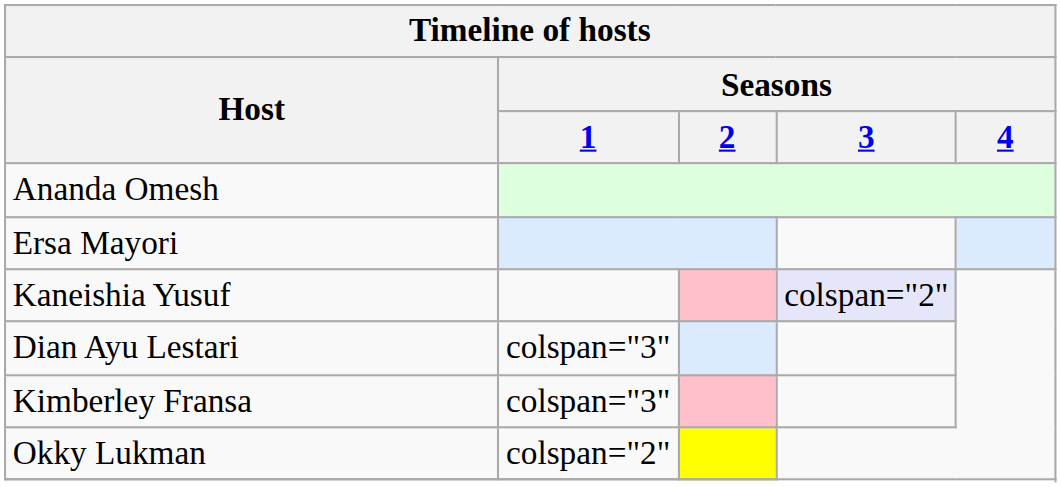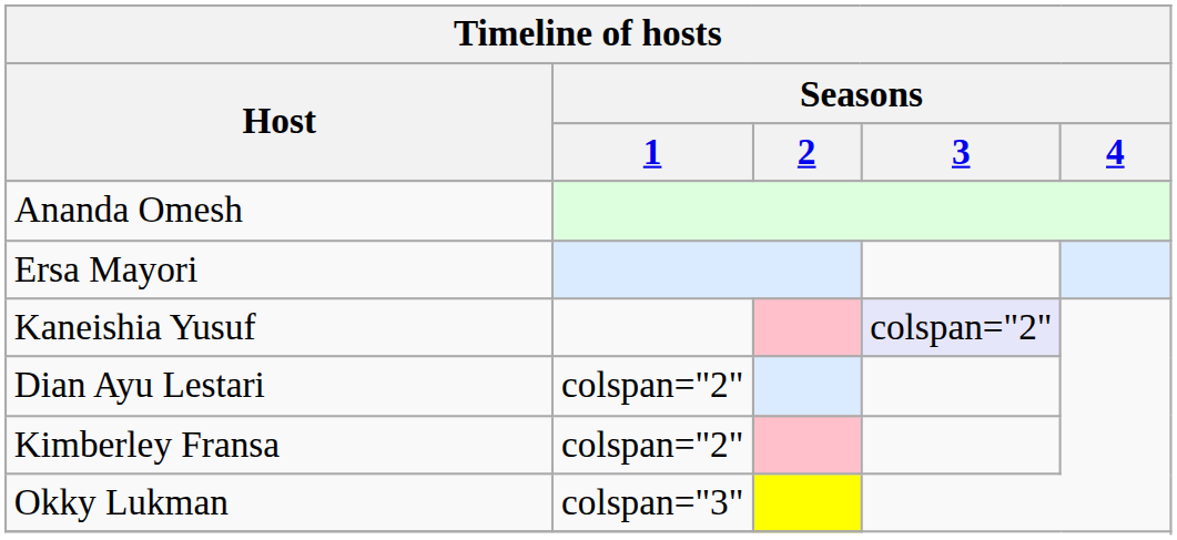 <table class="wikitable plainrowheaders" style="width:40%">
 <tr>
 <th colspan="5">Timeline of hosts</th>
 </tr>
 <tr>
 <th rowspan="2">Host</th>
 <th colspan="4">Seasons</th>
 </tr>
 <tr>
 <th width="40"><a href='#'>1</a></th>
 <th width="40"><a href='#'>2</a></th>
 <th width="40"><a href='#'>3</a></th>
 <th width="40"><a href='#'>4</a></th>
 </tr>
 <tr>
 <td>Ananda Omesh</td>
 <td colspan="4" style="background:#ddffdd"></td>
 </tr>
 <tr>
 <td>Ersa Mayori</td>
 <td colspan="2" style="background:#DAEBFF"></td>
 <td></td>
 <td colspan="1" style="background:#DAEBFF"></td>
 </tr>
 <tr>
 <td>Kaneishia Yusuf</td>
 <td></td>
 <td style="background:pink"></td>
 <td style="background: lavender;">colspan="2" </td>
 </tr>
 <tr>
 <td>Dian Ayu Lestari</td>
-<td>colspan="3" </td>
+<td>colspan="2" </td>
 <td style="background:#DAEBFF"></td>
 <td></td>
 </tr>
 <tr>
 <td>Kimberley Fransa</td>
-<td>colspan="3" </td>
+<td>colspan="2" </td>
 <td style="background:pink"></td>
 <td></td>
 </tr>
 <tr>
 <td>Okky Lukman</td>
-<td>colspan="2" </td>
+<td>colspan="3" </td>
 <td style="background:yellow"></td>
 </tr>
 <tr>
 </tr>
 </table>
